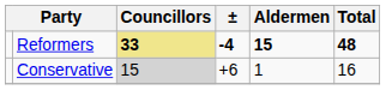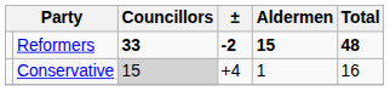 <table class="wikitable">
 <tr>
 <th colspan="2">Party</th>
 <th>Councillors</th>
 <th>  ±  </th>
 <th>Aldermen</th>
 <th>Total</th>
 </tr>
 <tr>
 <td style="background-color: "></td>
 <td><a href='#'>Reformers</a></td>
-<td style="background: khaki;"><strong>33</strong></td>
-<td><strong>-4</strong></td>
+<td><strong>33</strong></td>
+<td><strong>-2</strong></td>
 <td><strong>15</strong></td>
 <td><strong>48</strong></td>
 </tr>
 <tr>
 <td style="background-color: "></td>
 <td><a href='#'>Conservative</a></td>
 <td style="background: lightgrey;">15</td>
-<td>+6</td>
+<td>+4</td>
 <td>1</td>
 <td>16</td>
 </tr>
 <tr>
 </tr>
 </table>
